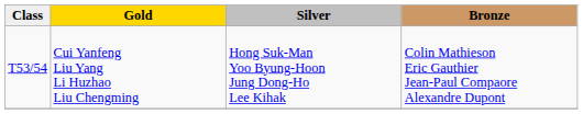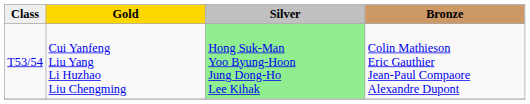 <table class="wikitable" style="text-align:left">
 <tr align="center">
 <td bgcolor=efefef><strong>Class</strong></td>
 <td width=200 bgcolor=gold><strong>Gold</strong></td>
 <td width=200 bgcolor=silver><strong>Silver</strong></td>
 <td width=200 bgcolor=CC9966><strong>Bronze</strong></td>
 </tr>
 <tr>
 <td><a href='#'>T53/54</a></td>
 <td><em></em><br><a href='#'>Cui Yanfeng</a><br><a href='#'>Liu Yang</a><br><a href='#'>Li Huzhao</a><br><a href='#'>Liu Chengming</a></td>
-<td><em></em><br><a href='#'>Hong Suk-Man</a><br><a href='#'>Yoo Byung-Hoon</a><br><a href='#'>Jung Dong-Ho</a><br><a href='#'>Lee Kihak</a></td>
+<td style="background: lightgreen;"><em></em><br><a href='#'>Hong Suk-Man</a><br><a href='#'>Yoo Byung-Hoon</a><br><a href='#'>Jung Dong-Ho</a><br><a href='#'>Lee Kihak</a></td>
 <td><em></em><br><a href='#'>Colin Mathieson</a><br><a href='#'>Eric Gauthier</a><br><a href='#'>Jean-Paul Compaore</a><br><a href='#'>Alexandre Dupont</a></td>
 </tr>
 <tr>
 </tr>
 </table>
